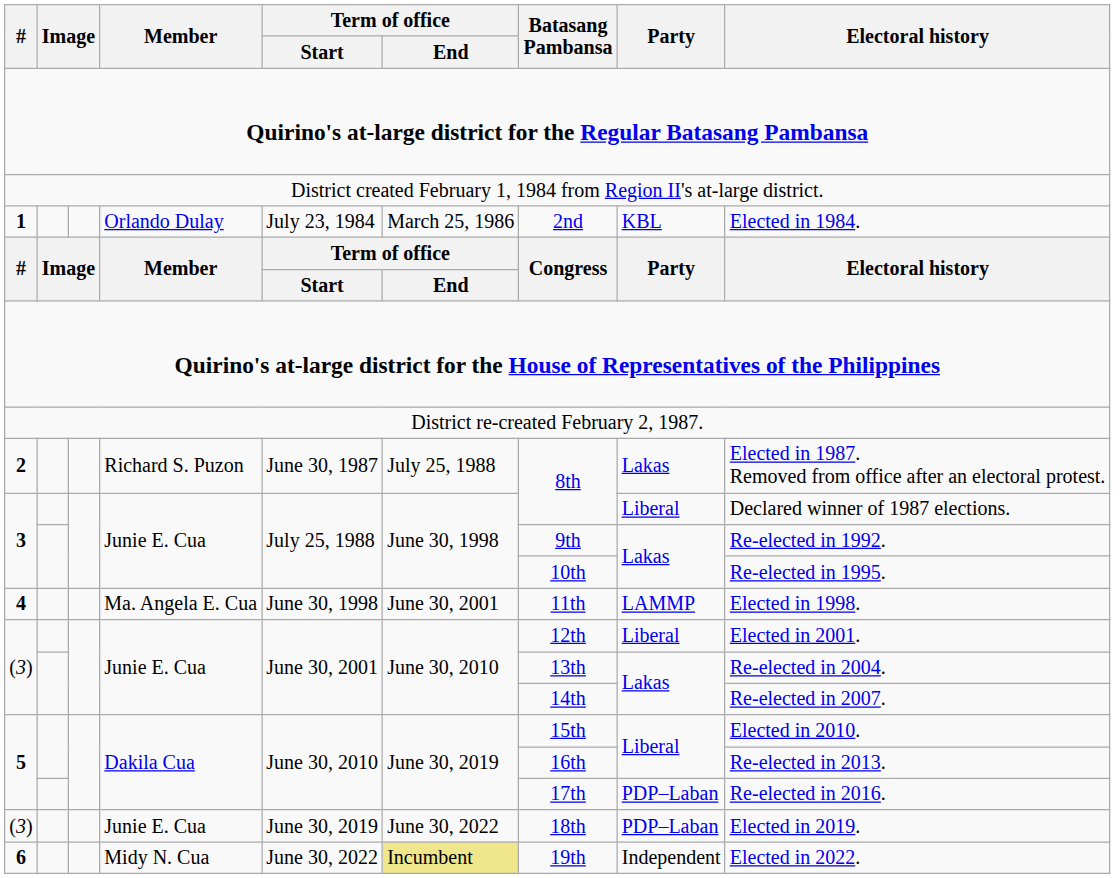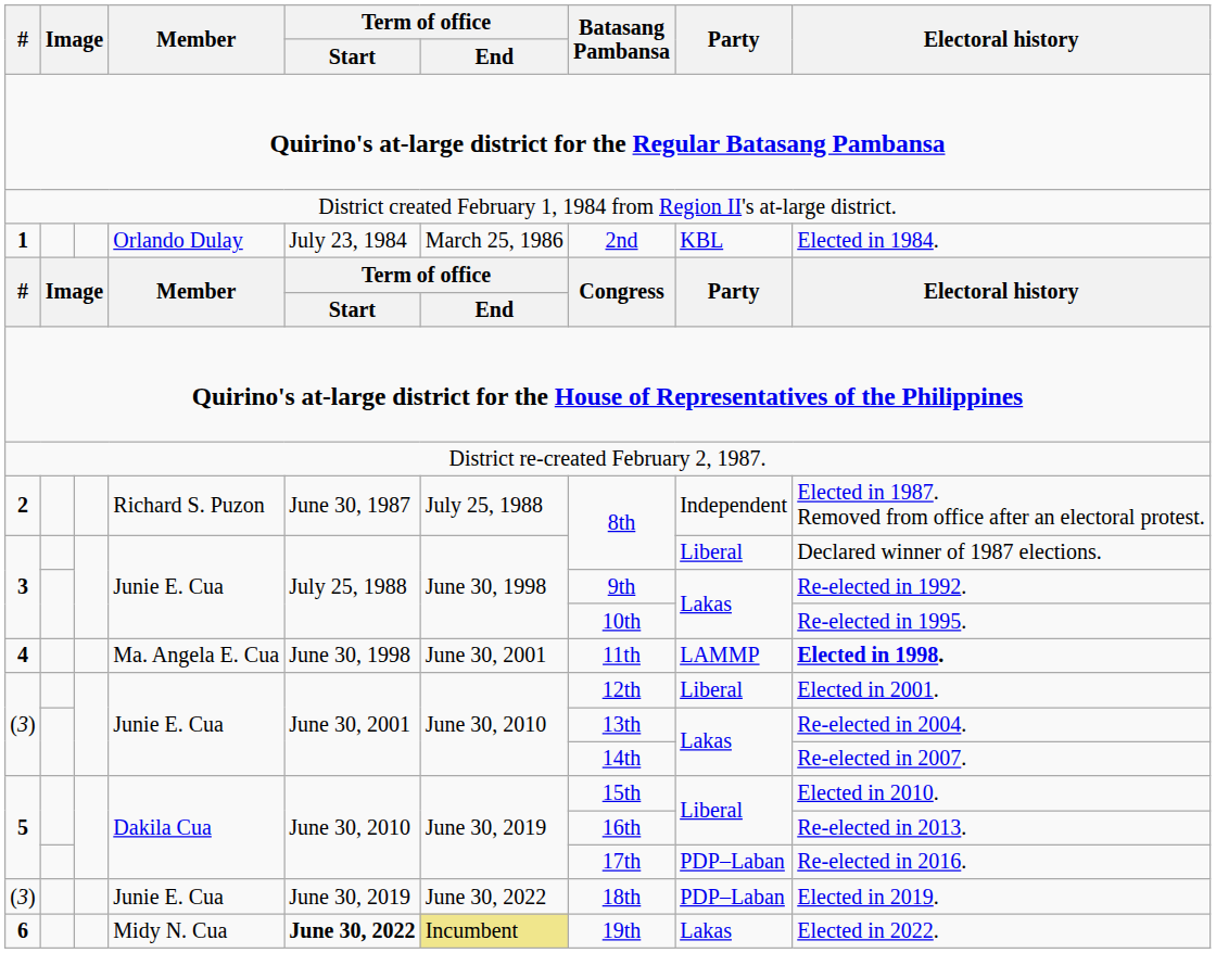 <table class=wikitable>
 <tr>
 <th rowspan="2">#</th>
 <th rowspan="2" colspan=2>Image</th>
 <th rowspan="2">Member</th>
 <th colspan=2>Term of office</th>
 <th rowspan="2">Batasang<br>Pambansa</th>
 <th rowspan="2">Party</th>
 <th rowspan="2">Electoral history</th>
 </tr>
 <tr>
 <th>Start</th>
 <th>End</th>
 </tr>
 <tr>
 <td colspan="9" style="text-align:center;"><br><h3>Quirino's at-large district for the <a href='#'>Regular Batasang Pambansa</a></h3></td>
 </tr>
 <tr>
 <td colspan="9" style="text-align:center;">District created February 1, 1984 from <a href='#'>Region II</a>'s at-large district.</td>
 </tr>
 <tr>
 <td style="text-align:center;"><strong>1</strong></td>
 <td style="color:inherit;background:"></td>
 <td></td>
 <td><a href='#'>Orlando Dulay</a></td>
 <td>July 23, 1984</td>
 <td>March 25, 1986</td>
 <td style="text-align:center;"><a href='#'>2nd</a></td>
 <td><a href='#'>KBL</a></td>
 <td><a href='#'>Elected in 1984</a>.</td>
 </tr>
 <tr>
 <th rowspan="2">#</th>
 <th rowspan="2" colspan=2>Image</th>
 <th rowspan="2">Member</th>
 <th colspan=2>Term of office</th>
 <th rowspan="2">Congress</th>
 <th rowspan="2">Party</th>
 <th rowspan="2">Electoral history</th>
 </tr>
 <tr>
 <th>Start</th>
 <th>End</th>
 </tr>
 <tr>
 <td colspan="9" style="text-align:center;"><br><h3>Quirino's at-large district for the <a href='#'>House of Representatives of the Philippines</a></h3></td>
 </tr>
 <tr>
 <td colspan="9" style="text-align:center;">District re-created February 2, 1987.</td>
 </tr>
 <tr>
 <td style="text-align:center;"><strong>2</strong></td>
 <td style="color:inherit;background:"></td>
 <td></td>
 <td>Richard S. Puzon</td>
 <td>June 30, 1987</td>
 <td>July 25, 1988</td>
 <td rowspan="2" style="text-align:center;"><a href='#'>8th</a></td>
-<td><a href='#'>Lakas</a></td>
+<td>Independent</td>
 <td><a href='#'>Elected in 1987</a>.<br>Removed from office after an electoral protest.</td>
 </tr>
 <tr>
 <td rowspan="3" style="text-align:center;"><strong>3</strong></td>
 <td style="color:inherit;background:"></td>
 <td rowspan="3"></td>
 <td rowspan="3">Junie E. Cua</td>
 <td rowspan="3">July 25, 1988</td>
 <td rowspan="3">June 30, 1998</td>
 <td><a href='#'>Liberal</a></td>
 <td>Declared winner of 1987 elections.</td>
 </tr>
 <tr>
 <td rowspan="2" style="color:inherit;background:"></td>
 <td style="text-align:center;"><a href='#'>9th</a></td>
 <td rowspan="2"><a href='#'>Lakas</a></td>
 <td><a href='#'>Re-elected in 1992</a>.</td>
 </tr>
 <tr>
 <td style="text-align:center;"><a href='#'>10th</a></td>
 <td><a href='#'>Re-elected in 1995</a>.</td>
 </tr>
 <tr>
 <td style="text-align:center;"><strong>4</strong></td>
 <td style="color:inherit;background:"></td>
 <td></td>
 <td>Ma. Angela E. Cua</td>
 <td>June 30, 1998</td>
 <td>June 30, 2001</td>
 <td style="text-align:center;"><a href='#'>11th</a></td>
 <td><a href='#'>LAMMP</a></td>
-<td><a href='#'>Elected in 1998</a>.</td>
+<td><strong><a href='#'>Elected in 1998</a>.</strong></td>
 </tr>
 <tr>
 <td rowspan="3" style="text-align:center;">(<em>3</em>)</td>
 <td style="color:inherit;background:"></td>
 <td rowspan="3"></td>
 <td rowspan="3">Junie E. Cua</td>
 <td rowspan="3">June 30, 2001</td>
 <td rowspan="3">June 30, 2010</td>
 <td style="text-align:center;"><a href='#'>12th</a></td>
 <td><a href='#'>Liberal</a></td>
 <td><a href='#'>Elected in 2001</a>.</td>
 </tr>
 <tr>
 <td rowspan="2" style="color:inherit;background:"></td>
 <td style="text-align:center;"><a href='#'>13th</a></td>
 <td rowspan="2"><a href='#'>Lakas</a></td>
 <td><a href='#'>Re-elected in 2004</a>.</td>
 </tr>
 <tr>
 <td style="text-align:center;"><a href='#'>14th</a></td>
 <td><a href='#'>Re-elected in 2007</a>.</td>
 </tr>
 <tr>
 <td rowspan="3" style="text-align:center;"><strong>5</strong></td>
 <td rowspan="2" style="color:inherit;background:"></td>
 <td rowspan="3"></td>
 <td rowspan="3"><a href='#'>Dakila Cua</a></td>
 <td rowspan="3">June 30, 2010</td>
 <td rowspan="3">June 30, 2019</td>
 <td style="text-align:center;"><a href='#'>15th</a></td>
 <td rowspan="2"><a href='#'>Liberal</a></td>
 <td><a href='#'>Elected in 2010</a>.</td>
 </tr>
 <tr>
 <td style="text-align:center;"><a href='#'>16th</a></td>
 <td><a href='#'>Re-elected in 2013</a>.</td>
 </tr>
 <tr>
 <td style="color:inherit;background:"></td>
 <td style="text-align:center;"><a href='#'>17th</a></td>
 <td><a href='#'>PDP–Laban</a></td>
 <td><a href='#'>Re-elected in 2016</a>.</td>
 </tr>
 <tr>
 <td style="text-align:center;">(<em>3</em>)</td>
 <td style="color:inherit;background:"></td>
 <td></td>
 <td>Junie E. Cua</td>
 <td>June 30, 2019</td>
 <td>June 30, 2022</td>
 <td style="text-align:center;"><a href='#'>18th</a></td>
 <td><a href='#'>PDP–Laban</a></td>
 <td><a href='#'>Elected in 2019</a>.</td>
 </tr>
 <tr>
 <td style="text-align:center;"><strong>6</strong></td>
 <td style="color:inherit;background:"></td>
 <td></td>
 <td>Midy N. Cua</td>
-<td>June 30, 2022</td>
+<td><strong>June 30, 2022</strong></td>
 <td style="background: khaki;">Incumbent</td>
 <td style="text-align:center;"><a href='#'>19th</a></td>
-<td>Independent</td>
+<td><a href='#'>Lakas</a></td>
 <td><a href='#'>Elected in 2022</a>.</td>
 </tr>
 </table>
